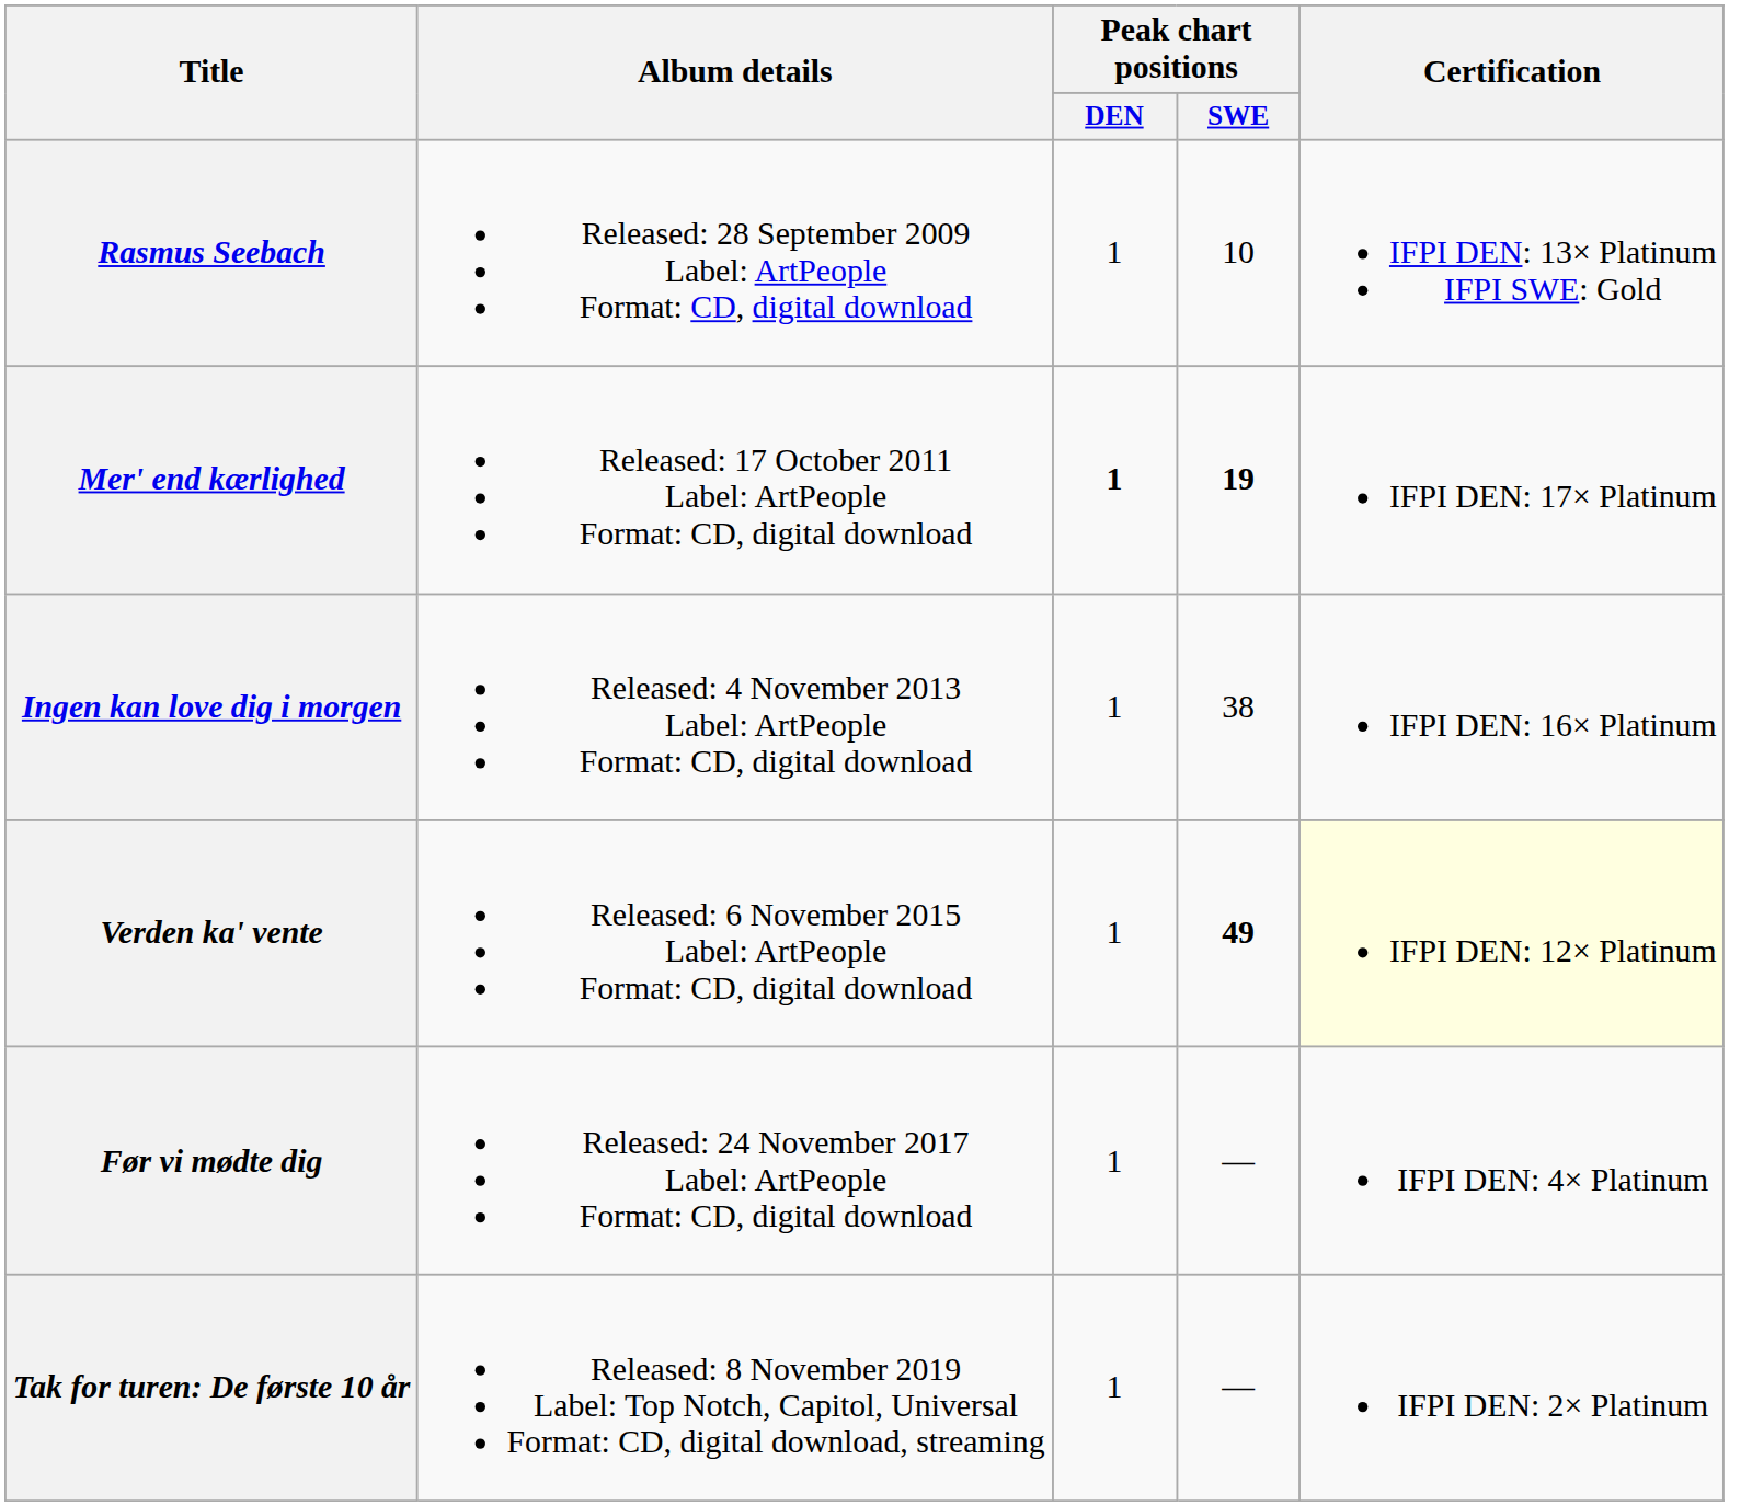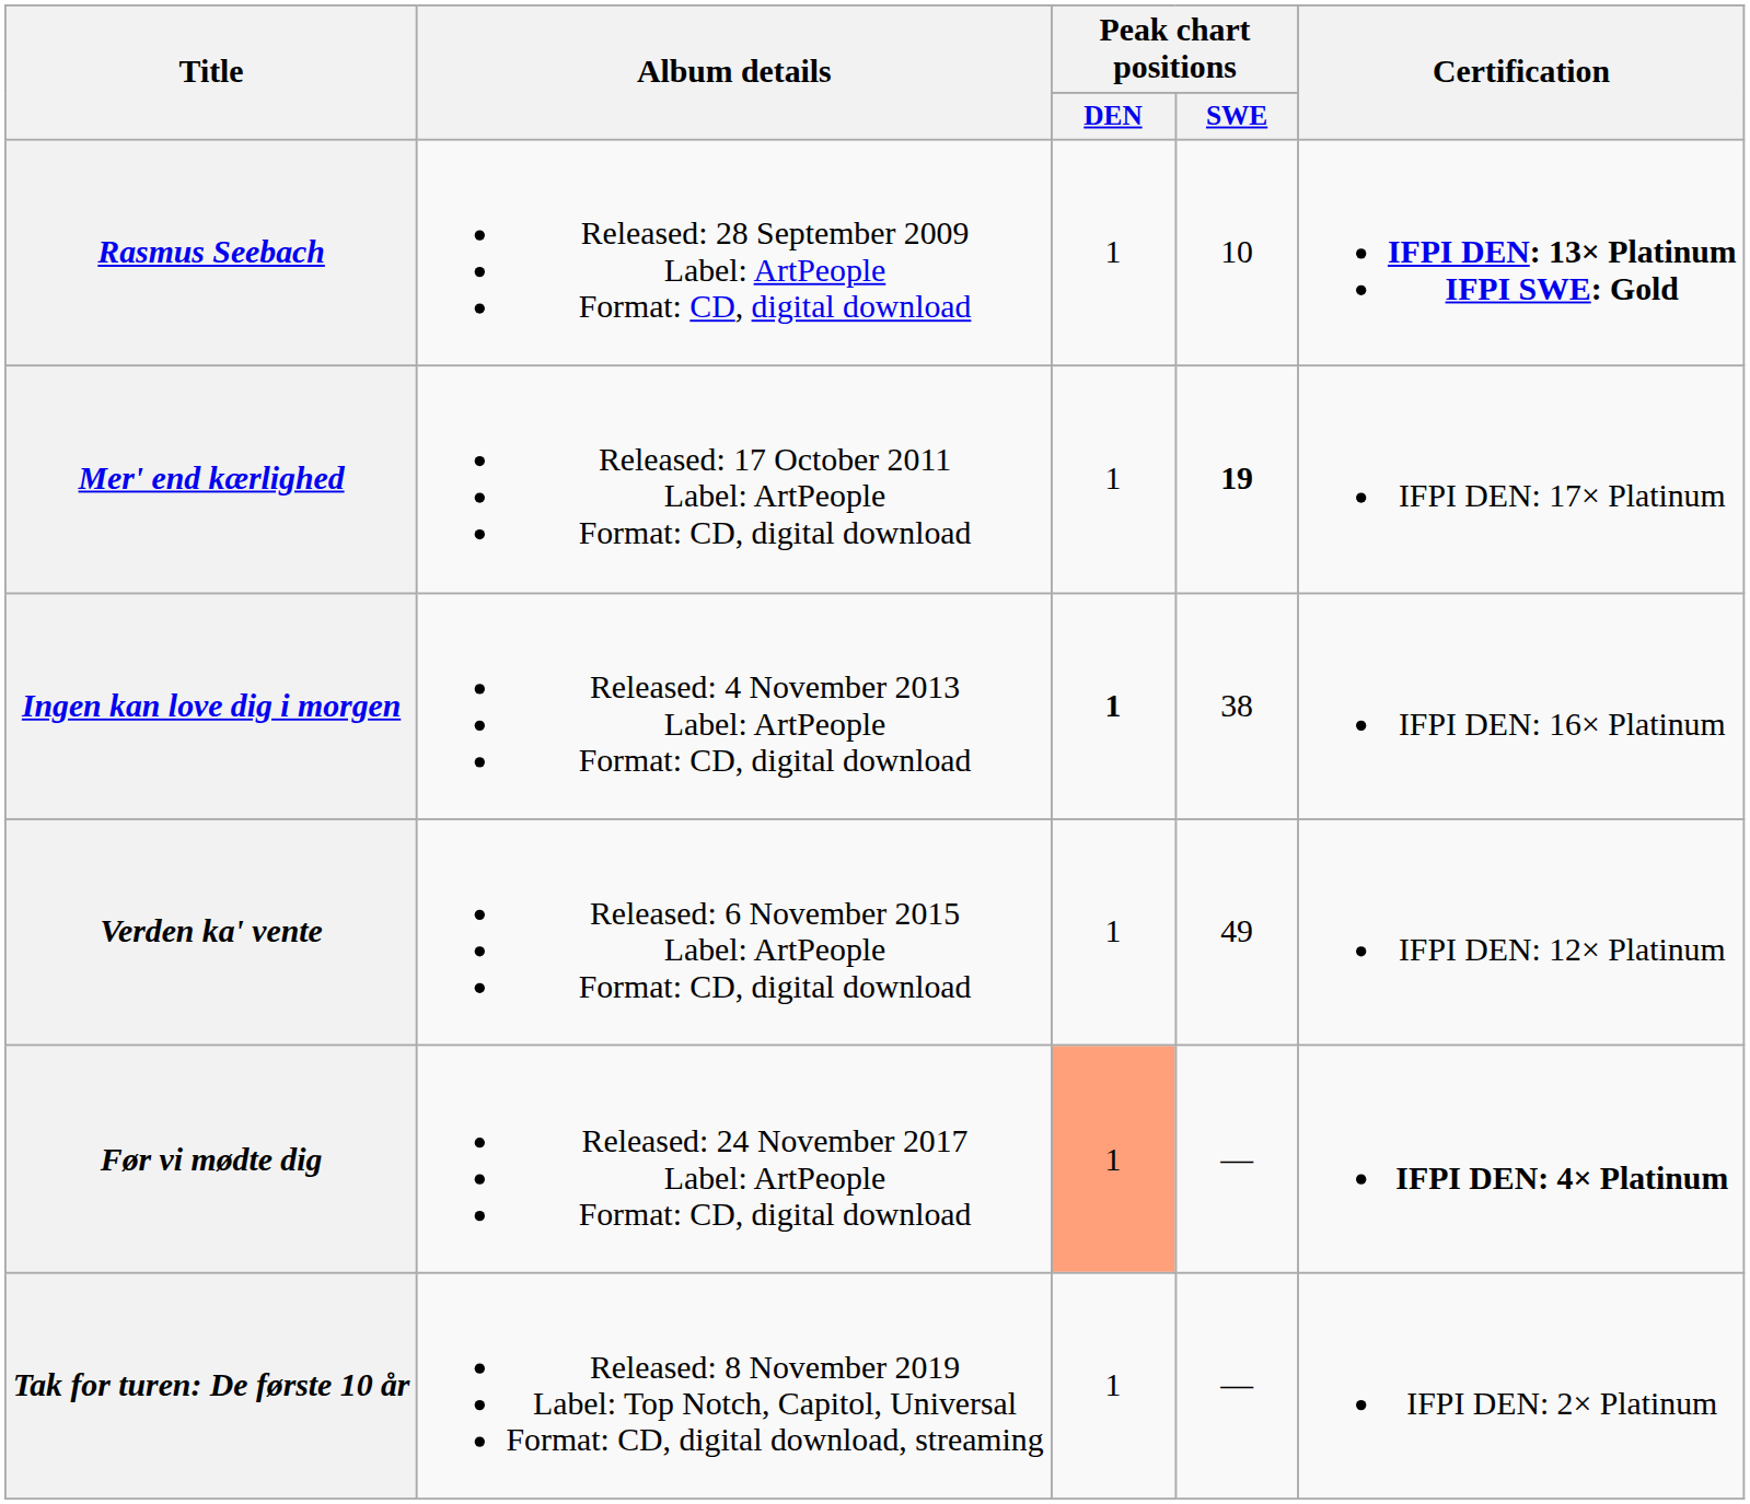 <table class="wikitable plainrowheaders" style="text-align:center;" border="1">
 <tr>
 <th scope="col" rowspan="2">Title</th>
 <th scope="col" rowspan="2">Album details</th>
 <th scope="col" colspan="2">Peak chart positions</th>
 <th scope="col" rowspan="2">Certification</th>
 </tr>
 <tr>
 <th style="width:4em;font-size:85%"><a href='#'>DEN</a><br></th>
 <th style="width:4em;font-size:85%"><a href='#'>SWE</a><br></th>
 </tr>
 <tr>
 <th scope="row"><em><a href='#'>Rasmus Seebach</a></em></th>
 <td><br><ul><li>Released: 28 September 2009</li><li>Label: <a href='#'>ArtPeople</a></li><li>Format: <a href='#'>CD</a>, <a href='#'>digital download</a></li></ul></td>
 <td>1</td>
 <td>10</td>
-<td><br><ul><li><a href='#'>IFPI DEN</a>: 13× Platinum</li><li><a href='#'>IFPI SWE</a>: Gold</li></ul></td>
+<td><strong><br><ul><li><a href='#'>IFPI DEN</a>: 13× Platinum</li><li><a href='#'>IFPI SWE</a>: Gold</li></ul></strong></td>
 </tr>
 <tr>
 <th scope="row"><em><a href='#'>Mer' end kærlighed</a></em></th>
 <td><br><ul><li>Released: 17 October 2011</li><li>Label: ArtPeople</li><li>Format: CD, digital download</li></ul></td>
-<td><strong>1</strong></td>
+<td>1</td>
 <td><strong>19</strong></td>
 <td><br><ul><li>IFPI DEN: 17× Platinum</li></ul></td>
 </tr>
 <tr>
 <th scope="row"><em><a href='#'>Ingen kan love dig i morgen</a></em></th>
 <td><br><ul><li>Released: 4 November 2013</li><li>Label: ArtPeople</li><li>Format: CD, digital download</li></ul></td>
-<td>1</td>
+<td><strong>1</strong></td>
 <td>38</td>
 <td><br><ul><li>IFPI DEN: 16× Platinum</li></ul></td>
 </tr>
 <tr>
 <th scope="row"><em>Verden ka' vente</em></th>
 <td><br><ul><li>Released: 6 November 2015</li><li>Label: ArtPeople</li><li>Format: CD, digital download</li></ul></td>
 <td>1</td>
-<td><strong>49</strong></td>
-<td style="background: lightyellow;"><br><ul><li>IFPI DEN: 12× Platinum</li></ul></td>
+<td>49</td>
+<td><br><ul><li>IFPI DEN: 12× Platinum</li></ul></td>
 </tr>
 <tr>
 <th scope="row"><em>Før vi mødte dig</em></th>
 <td><br><ul><li>Released: 24 November 2017</li><li>Label: ArtPeople</li><li>Format: CD, digital download</li></ul></td>
-<td>1</td>
+<td style="background: lightsalmon;">1</td>
 <td>—</td>
-<td><br><ul><li>IFPI DEN: 4× Platinum</li></ul></td>
+<td><strong><br><ul><li>IFPI DEN: 4× Platinum</li></ul></strong></td>
 </tr>
 <tr>
 <th scope="row"><em>Tak for turen: De første 10 år</em></th>
 <td><br><ul><li>Released: 8 November 2019</li><li>Label: Top Notch, Capitol, Universal</li><li>Format: CD, digital download, streaming</li></ul></td>
 <td>1</td>
 <td>—</td>
 <td><br><ul><li>IFPI DEN: 2× Platinum</li></ul></td>
 </tr>
 </table>
